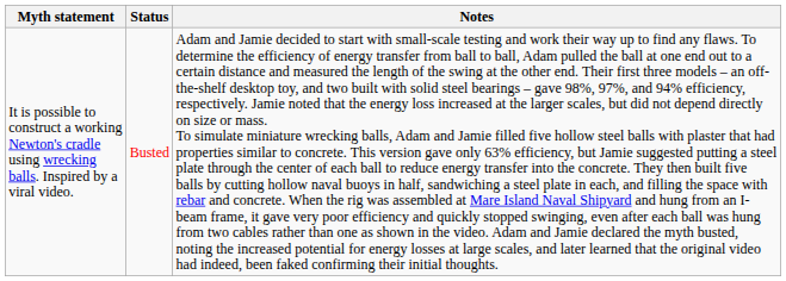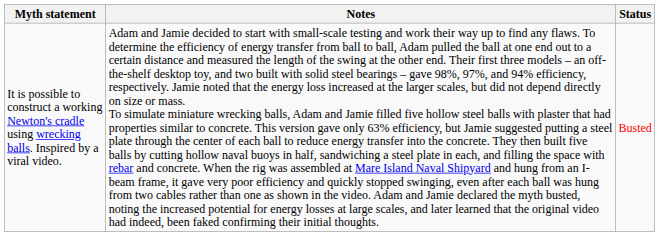 <table class="wikitable plainrowheaders">
 <tr>
 <th>Myth statement</th>
+<th>Notes</th>
 <th>Status</th>
-<th>Notes</th>
 </tr>
 <tr>
 <td>It is possible to construct a working <a href='#'>Newton's cradle</a> using <a href='#'>wrecking balls</a>. Inspired by a viral video.</td>
+<td>Adam and Jamie decided to start with small-scale testing and work their way up to find any flaws. To determine the efficiency of energy transfer from ball to ball, Adam pulled the ball at one end out to a certain distance and measured the length of the swing at the other end. Their first three models – an off-the-shelf desktop toy, and two built with  solid steel bearings – gave 98%, 97%, and 94% efficiency, respectively. Jamie noted that the energy loss increased at the larger scales, but did not depend directly on size or mass.<br>To simulate miniature wrecking balls, Adam and Jamie filled five  hollow steel balls with plaster that had properties similar to concrete. This version gave only 63% efficiency, but Jamie suggested putting a steel plate through the center of each ball to reduce energy transfer into the concrete. They then built five  balls by cutting hollow naval buoys in half, sandwiching a steel plate in each, and filling the space with <a href='#'>rebar</a> and concrete. When the rig was assembled at <a href='#'>Mare Island Naval Shipyard</a> and hung from an I-beam frame, it gave very poor efficiency and quickly stopped swinging, even after each ball was hung from two cables rather than one as shown in the video. Adam and Jamie declared the myth busted, noting the increased potential for energy losses at large scales, and later learned that the original video had indeed, been faked confirming their initial thoughts.</td>
 <td style="color:red">Busted</td>
-<td>Adam and Jamie decided to start with small-scale testing and work their way up to find any flaws. To determine the efficiency of energy transfer from ball to ball, Adam pulled the ball at one end out to a certain distance and measured the length of the swing at the other end. Their first three models – an off-the-shelf desktop toy, and two built with  solid steel bearings – gave 98%, 97%, and 94% efficiency, respectively. Jamie noted that the energy loss increased at the larger scales, but did not depend directly on size or mass.<br>To simulate miniature wrecking balls, Adam and Jamie filled five  hollow steel balls with plaster that had properties similar to concrete. This version gave only 63% efficiency, but Jamie suggested putting a steel plate through the center of each ball to reduce energy transfer into the concrete. They then built five  balls by cutting hollow naval buoys in half, sandwiching a steel plate in each, and filling the space with <a href='#'>rebar</a> and concrete. When the rig was assembled at <a href='#'>Mare Island Naval Shipyard</a> and hung from an I-beam frame, it gave very poor efficiency and quickly stopped swinging, even after each ball was hung from two cables rather than one as shown in the video. Adam and Jamie declared the myth busted, noting the increased potential for energy losses at large scales, and later learned that the original video had indeed, been faked confirming their initial thoughts.</td>
 </tr>
 </table>
